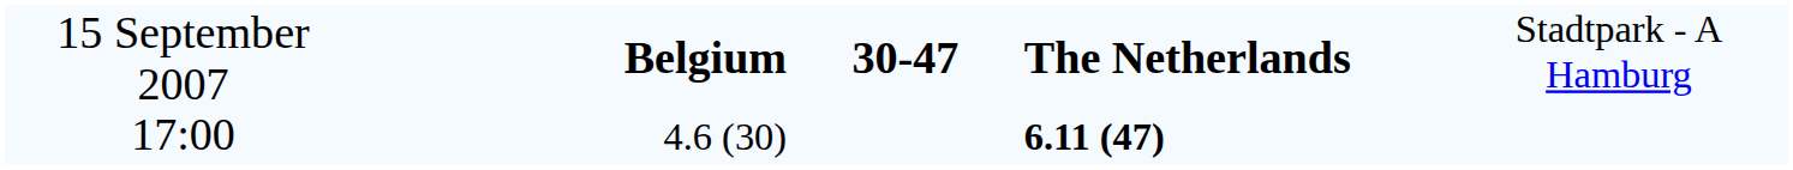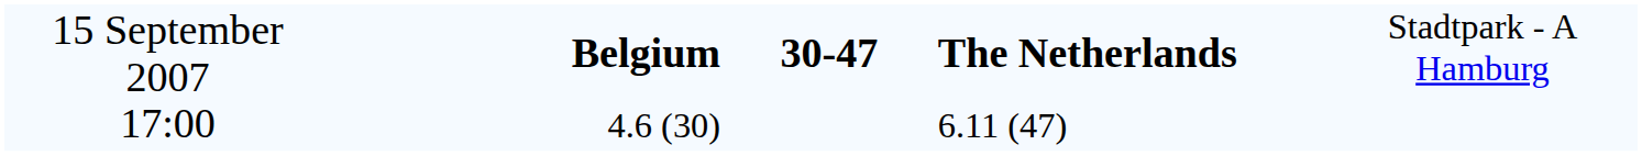 <table style="width: 100%; background:#F5FAFF;" cellspacing="0">
 <tr>
 <td align=center rowspan=3 width=20%>15 September 2007<br>17:00</td>
 </tr>
 <tr>
 <td width=24% align=right><strong>Belgium</strong></td>
 <td align=center width=13%><strong>30-47</strong></td>
 <td width=24%><strong>The Netherlands</strong></td>
 <td style=font-size:85% rowspan=3 valign=top align=center>Stadtpark - A <br><a href='#'>Hamburg</a></td>
 </tr>
 <tr style=font-size:85%>
 <td align=right>4.6 (30)</td>
 <td align=center></td>
-<td><strong>6.11 (47)</strong></td>
+<td>6.11 (47)</td>
 </tr>
 </table>
